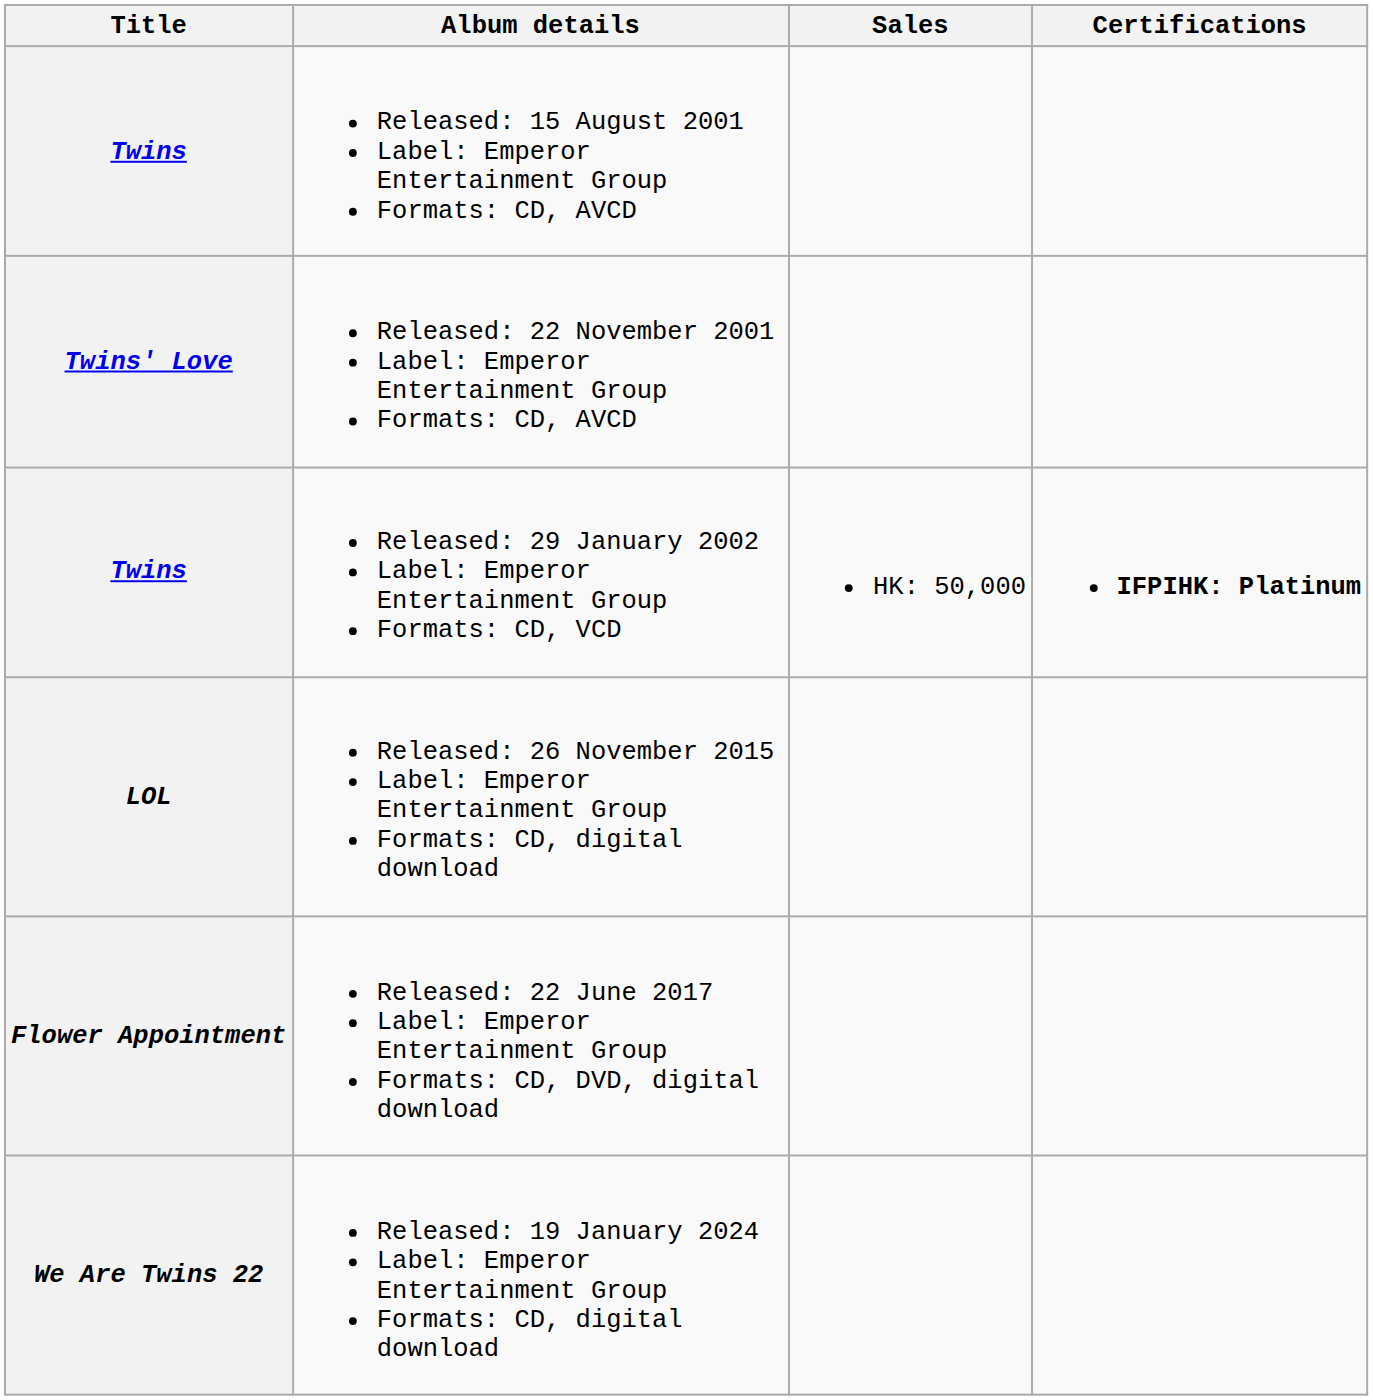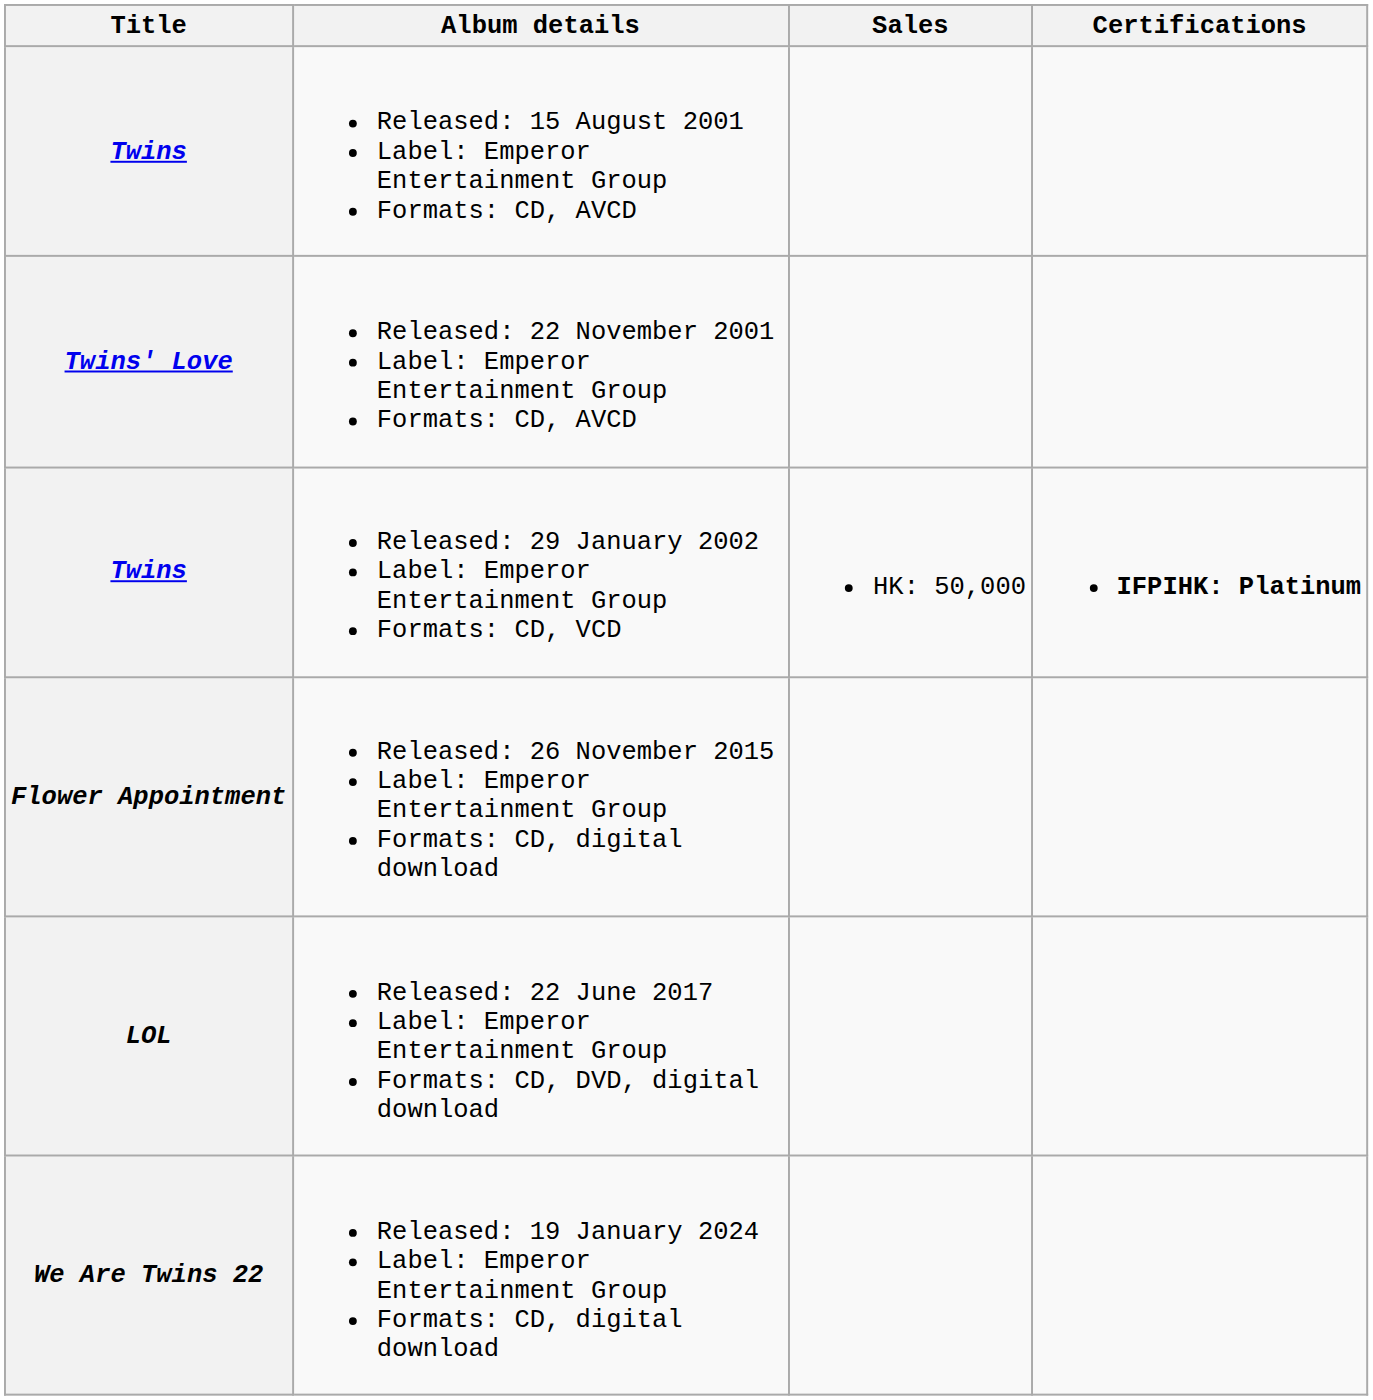 <table class="wikitable plainrowheaders">
 <tr>
 <th>Title</th>
 <th style="width:19em;">Album details</th>
 <th>Sales</th>
 <th>Certifications</th>
 </tr>
 <tr>
 <th scope="row"><a href='#'><em>Twins</em></a></th>
 <td><br><ul><li>Released: 15 August 2001</li><li>Label: Emperor Entertainment Group</li><li>Formats: CD, AVCD</li></ul></td>
 <td></td>
 <td></td>
 </tr>
 <tr>
 <th scope="row"><em><a href='#'>Twins' Love</a></em></th>
 <td><br><ul><li>Released: 22 November 2001</li><li>Label: Emperor Entertainment Group</li><li>Formats: CD, AVCD</li></ul></td>
 <td></td>
 <td></td>
 </tr>
 <tr>
 <th scope="row"><a href='#'><em>Twins</em></a></th>
 <td><br><ul><li>Released: 29 January 2002</li><li>Label: Emperor Entertainment Group</li><li>Formats: CD, VCD</li></ul></td>
 <td><br><ul><li>HK: 50,000</li></ul></td>
 <td><strong><br><ul><li>IFPIHK: Platinum</li></ul></strong></td>
 </tr>
 <tr>
-<th scope="row"><em>LOL</em></th>
+<th scope="row"><em>Flower Appointment</em></th>
 <td><br><ul><li>Released: 26 November 2015</li><li>Label: Emperor Entertainment Group</li><li>Formats: CD, digital download</li></ul></td>
 <td></td>
 <td></td>
 </tr>
 <tr>
-<th scope="row"><em>Flower Appointment</em></th>
+<th scope="row"><em>LOL</em></th>
 <td><br><ul><li>Released: 22 June 2017</li><li>Label: Emperor Entertainment Group</li><li>Formats: CD, DVD, digital download</li></ul></td>
 <td></td>
 <td></td>
 </tr>
 <tr>
 <th scope="row"><em>We Are Twins 22</em></th>
 <td><br><ul><li>Released: 19 January 2024</li><li>Label: Emperor Entertainment Group</li><li>Formats: CD, digital download</li></ul></td>
 <td></td>
 <td></td>
 </tr>
 </table>
